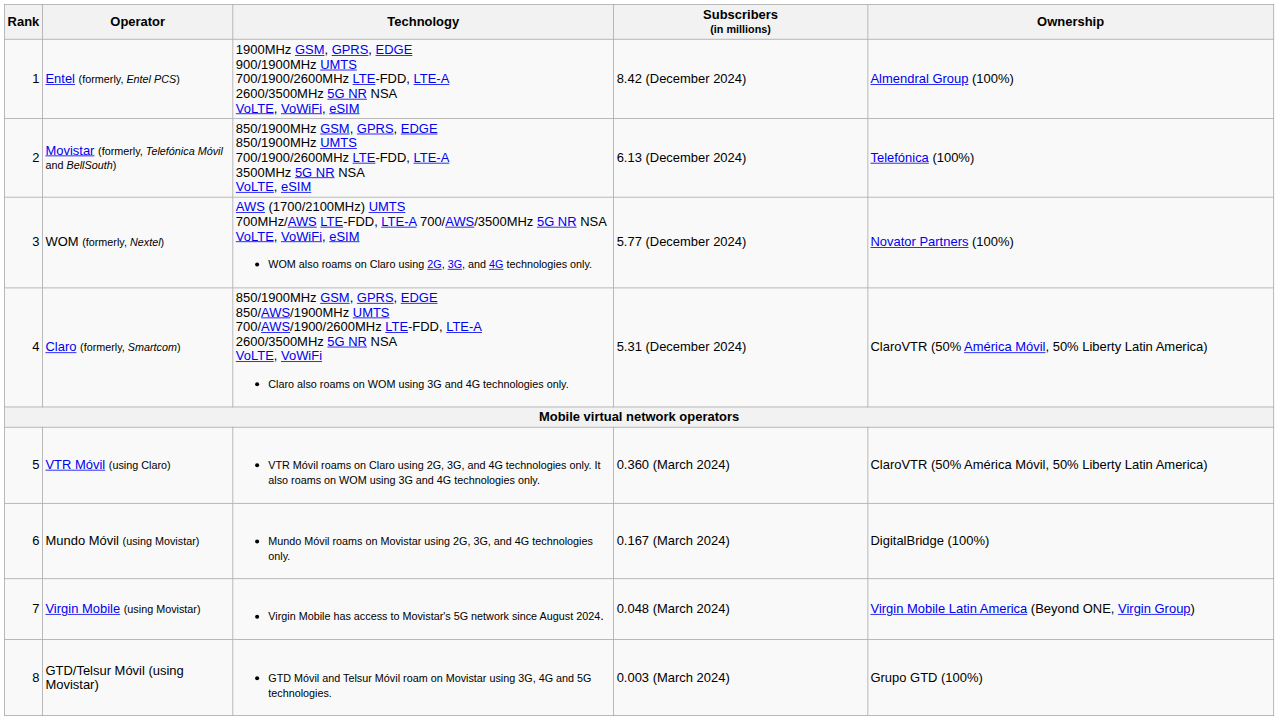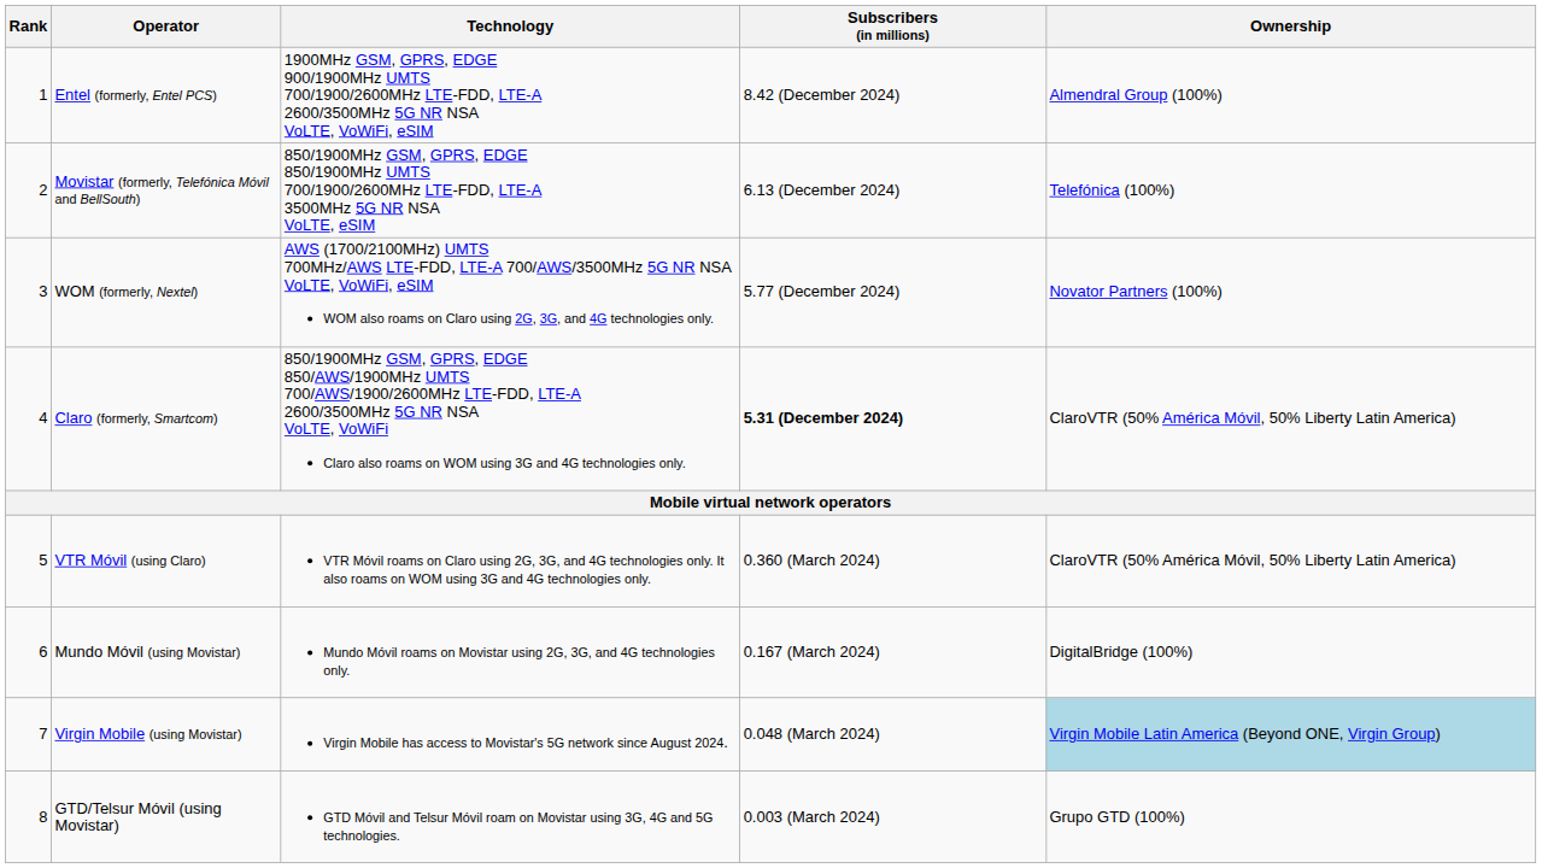 <table class="wikitable">
 <tr>
 <th style="width:3%;">Rank</th>
 <th style="width:15%;">Operator</th>
 <th style="width:30%;">Technology</th>
 <th style="width:20%;">Subscribers<br><small>(in millions)</small></th>
 <th style="width:32%;">Ownership</th>
 </tr>
 <tr>
 <td align=right>1</td>
 <td><a href='#'>Entel</a> <small>(formerly, <em>Entel PCS</em>)</small></td>
 <td>1900MHz <a href='#'>GSM</a>, <a href='#'>GPRS</a>, <a href='#'>EDGE</a><br>900/1900MHz <a href='#'>UMTS</a><br>700/1900/2600MHz <a href='#'>LTE</a>-FDD, <a href='#'>LTE-A</a><br>2600/3500MHz <a href='#'>5G NR</a> NSA<br><a href='#'>VoLTE</a>, <a href='#'>VoWiFi</a>, <a href='#'>eSIM</a></td>
 <td>8.42 (December 2024)</td>
 <td><a href='#'>Almendral Group</a> (100%)</td>
 </tr>
 <tr>
 <td align=right>2</td>
 <td><a href='#'>Movistar</a> <small>(formerly, <em>Telefónica Móvil</em> and <em>BellSouth</em>)</small></td>
 <td>850/1900MHz <a href='#'>GSM</a>, <a href='#'>GPRS</a>, <a href='#'>EDGE</a><br>850/1900MHz <a href='#'>UMTS</a><br>700/1900/2600MHz <a href='#'>LTE</a>-FDD, <a href='#'>LTE-A</a><br>3500MHz <a href='#'>5G NR</a> NSA<br><a href='#'>VoLTE</a>, <a href='#'>eSIM</a></td>
 <td>6.13 (December 2024)</td>
 <td><a href='#'>Telefónica</a> (100%)</td>
 </tr>
 <tr>
 <td align=right>3</td>
 <td>WOM <small>(formerly, <em>Nextel</em>)</small></td>
 <td><a href='#'>AWS</a> (1700/2100MHz) <a href='#'>UMTS</a><br>700MHz/<a href='#'>AWS</a> <a href='#'>LTE</a>-FDD, <a href='#'>LTE-A</a> 700/<a href='#'>AWS</a>/3500MHz <a href='#'>5G NR</a> NSA<br><a href='#'>VoLTE</a>, <a href='#'>VoWiFi</a>, <a href='#'>eSIM</a><ul><li><small>WOM also roams on Claro using <a href='#'>2G</a>, <a href='#'>3G</a>, and <a href='#'>4G</a> technologies only.</small></li></ul></td>
 <td>5.77 (December 2024)</td>
 <td><a href='#'>Novator Partners</a> (100%)</td>
 </tr>
 <tr>
 <td align=right>4</td>
 <td><a href='#'>Claro</a> <small>(formerly, <em>Smartcom</em>)</small></td>
 <td>850/1900MHz <a href='#'>GSM</a>, <a href='#'>GPRS</a>, <a href='#'>EDGE</a><br>850/<a href='#'>AWS</a>/1900MHz <a href='#'>UMTS</a><br>700/<a href='#'>AWS</a>/1900/2600MHz <a href='#'>LTE</a>-FDD, <a href='#'>LTE-A</a><br>2600/3500MHz <a href='#'>5G NR</a> NSA<br><a href='#'>VoLTE</a>, <a href='#'>VoWiFi</a><ul><li><small>Claro also roams on WOM using 3G and 4G technologies only.</small></li></ul></td>
-<td>5.31 (December 2024)</td>
+<td><strong>5.31 (December 2024)</strong></td>
 <td>ClaroVTR (50% <a href='#'>América Móvil</a>, 50% Liberty Latin America)</td>
 </tr>
 <tr>
 <th colspan="5" style="text-align:center;">Mobile virtual network operators</th>
 </tr>
 <tr>
 <td style="text-align:right;">5</td>
 <td><a href='#'>VTR Móvil</a> <small>(using Claro)</small></td>
 <td><br><ul><li><small>VTR Móvil roams on Claro using 2G, 3G, and 4G technologies only. It also roams on WOM using 3G and 4G technologies only.</small></li></ul></td>
 <td>0.360 (March 2024)</td>
 <td>ClaroVTR (50% América Móvil, 50% Liberty Latin America)</td>
 </tr>
 <tr>
 <td style="text-align:right;">6</td>
 <td>Mundo Móvil <small>(using Movistar)</small></td>
 <td><br><ul><li><small>Mundo Móvil roams on Movistar using 2G, 3G, and 4G technologies only.</small></li></ul></td>
 <td>0.167 (March 2024)</td>
 <td>DigitalBridge (100%)</td>
 </tr>
 <tr>
 <td style="text-align:right;">7</td>
 <td><a href='#'>Virgin Mobile</a> <small>(using Movistar)</small></td>
 <td><br><ul><li><small>Virgin Mobile has access to Movistar's 5G network since August 2024</small>.</li></ul></td>
 <td>0.048 (March 2024)</td>
-<td><a href='#'>Virgin Mobile Latin America</a> (Beyond ONE, <a href='#'>Virgin Group</a>)</td>
+<td style="background: lightblue;"><a href='#'>Virgin Mobile Latin America</a> (Beyond ONE, <a href='#'>Virgin Group</a>)</td>
 </tr>
 <tr>
 <td style="text-align:right;">8</td>
 <td>GTD/Telsur Móvil (using Movistar)</td>
 <td><br><ul><li><small>GTD Móvil and Telsur Móvil roam on Movistar using 3G, 4G and 5G technologies.</small></li></ul></td>
 <td>0.003 (March 2024)</td>
 <td>Grupo GTD (100%)</td>
 </tr>
 </table>
